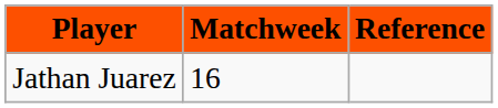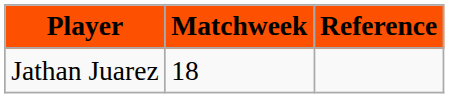 <table class=wikitable>
 <tr>
 <th style="background:#FD5000; color:#000000;">Player</th>
 <th style="background:#FD5000; color:#000000;">Matchweek</th>
 <th style="background:#FD5000; color:#000000;">Reference</th>
 </tr>
 <tr>
 <td align=center> Jathan Juarez</td>
-<td>16</td>
+<td>18</td>
 <td align=center></td>
 </tr>
 </table>
